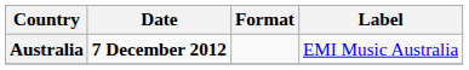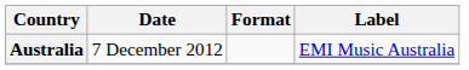 <table class="wikitable plainrowheaders">
 <tr>
 <th scope="col">Country</th>
 <th scope="col">Date</th>
 <th scope="col">Format</th>
 <th scope="col">Label</th>
 </tr>
 <tr>
 <th scope="row">Australia</th>
-<td><strong>7 December 2012</strong></td>
+<td>7 December 2012</td>
 <td></td>
 <td><a href='#'>EMI Music Australia</a></td>
 </tr>
 <tr>
 </tr>
 </table>
